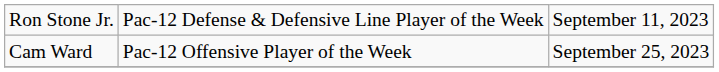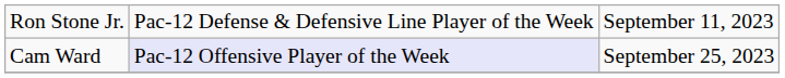 <table class="wikitable">
 <tr>
 <td>Ron Stone Jr.</td>
 <td>Pac-12 Defense & Defensive Line Player of the Week</td>
 <td>September 11, 2023</td>
 </tr>
 <tr>
 <td>Cam Ward</td>
-<td>Pac-12 Offensive Player of the Week</td>
+<td style="background: lavender;">Pac-12 Offensive Player of the Week</td>
 <td>September 25, 2023</td>
 </tr>
 <tr>
 </tr>
 </table>
